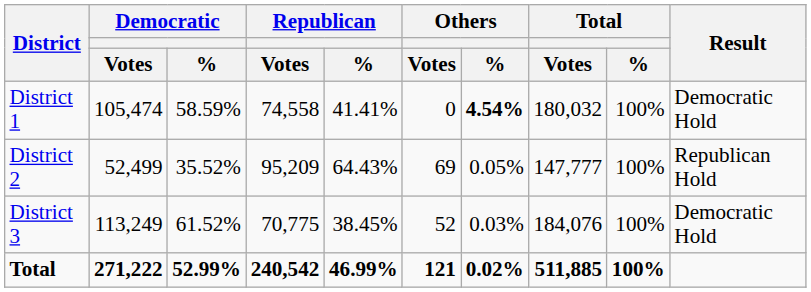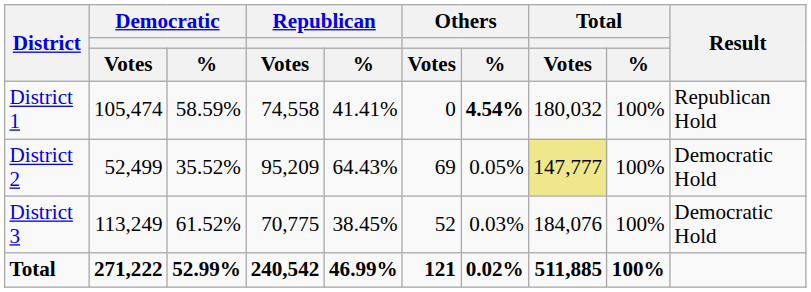 <table class="wikitable plainrowheaders sortable" style="font-size:100%; text-align:right;">
 <tr>
 <th scope=col rowspan=3><a href='#'>District</a></th>
 <th scope=col colspan=2><a href='#'>Democratic</a></th>
 <th scope=col colspan=2><a href='#'>Republican</a></th>
 <th scope=col colspan=2>Others</th>
 <th scope=col colspan=2>Total</th>
 <th scope=col rowspan=3>Result</th>
 </tr>
 <tr>
 <th scope=col colspan=2 style="background:"></th>
 <th scope=col colspan=2 style="background:"></th>
 <th scope=col colspan=2></th>
 <th scope=col colspan=2></th>
 </tr>
 <tr>
 <th scope=col data-sort-type="number">Votes</th>
 <th scope=col data-sort-type="number">%</th>
 <th scope=col data-sort-type="number">Votes</th>
 <th scope=col data-sort-type="number">%</th>
 <th scope=col data-sort-type="number">Votes</th>
 <th scope=col data-sort-type="number">%</th>
 <th scope=col data-sort-type="number">Votes</th>
 <th scope=col data-sort-type="number">%</th>
 </tr>
 <tr>
 <td align=left><a href='#'>District 1</a></td>
 <td>105,474</td>
 <td>58.59%</td>
 <td>74,558</td>
 <td>41.41%</td>
 <td>0</td>
 <td><strong>4.54%</strong></td>
 <td>180,032</td>
 <td>100%</td>
-<td align=left>Democratic Hold</td>
+<td align=left>Republican Hold</td>
 </tr>
 <tr>
 <td align=left><a href='#'>District 2</a></td>
 <td>52,499</td>
 <td>35.52%</td>
 <td>95,209</td>
 <td>64.43%</td>
 <td>69</td>
 <td>0.05%</td>
-<td>147,777</td>
+<td style="background: khaki;">147,777</td>
 <td>100%</td>
-<td align=left>Republican Hold</td>
+<td align=left>Democratic Hold</td>
 </tr>
 <tr>
 <td align=left><a href='#'>District 3</a></td>
 <td>113,249</td>
 <td>61.52%</td>
 <td>70,775</td>
 <td>38.45%</td>
 <td>52</td>
 <td>0.03%</td>
 <td>184,076</td>
 <td>100%</td>
 <td align=left>Democratic Hold</td>
 </tr>
 <tr class="sortbottom" style="font-weight:bold">
 <td align=left>Total</td>
 <td>271,222</td>
 <td>52.99%</td>
 <td>240,542</td>
 <td>46.99%</td>
 <td>121</td>
 <td>0.02%</td>
 <td>511,885</td>
 <td>100%</td>
 <td></td>
 </tr>
 </table>
